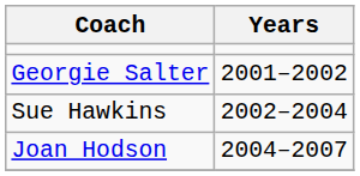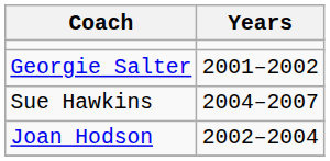 <table class="wikitable collapsible">
 <tr>
 <th>Coach</th>
 <th>Years</th>
 </tr>
 <tr>
 <td></td>
 </tr>
 <tr>
 <td><a href='#'>Georgie Salter</a></td>
 <td>2001–2002</td>
 </tr>
 <tr>
 <td>Sue Hawkins</td>
-<td>2002–2004</td>
+<td>2004–2007</td>
 </tr>
 <tr>
 <td><a href='#'>Joan Hodson</a></td>
-<td>2004–2007</td>
+<td>2002–2004</td>
 </tr>
 <tr>
 </tr>
 </table>
